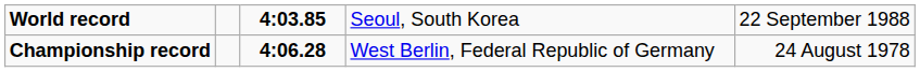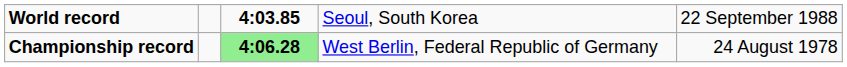 <table class="wikitable">
 <tr>
 <td><strong>World record</strong></td>
 <td style="padding-right:1em"></td>
 <td style="text-align:center;padding-left:1em; padding-right:1em;"><strong>4:03.85</strong></td>
 <td style="padding-right:1em"><a href='#'>Seoul</a>, South Korea</td>
 <td align=right>22 September 1988</td>
 </tr>
 <tr>
 <td><strong>Championship record</strong></td>
 <td style="padding-right:1em"></td>
-<td style="text-align:center;padding-left:1em; padding-right:1em;"><strong>4:06.28</strong></td>
+<td style="background: lightgreen; text-align:center;padding-left:1em; padding-right:1em;"><strong>4:06.28</strong></td>
 <td style="padding-right:1em"><a href='#'>West Berlin</a>, Federal Republic of Germany</td>
 <td align=right>24 August 1978</td>
 </tr>
 </table>
